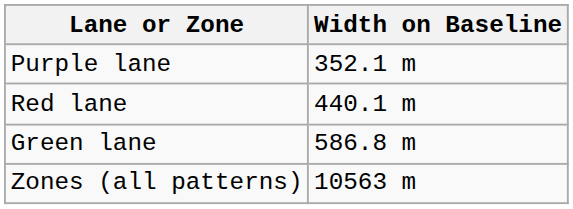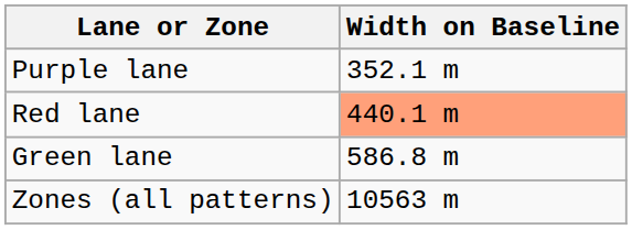 <table class="wikitable">
 <tr>
 <th>Lane or Zone</th>
 <th>Width on Baseline</th>
 </tr>
 <tr>
 <td>Purple lane</td>
 <td>352.1 m</td>
 </tr>
 <tr>
 <td>Red lane</td>
-<td>440.1 m</td>
+<td style="background: lightsalmon;">440.1 m</td>
 </tr>
 <tr>
 <td>Green lane</td>
 <td>586.8 m</td>
 </tr>
 <tr>
 <td>Zones (all patterns)</td>
 <td>10563 m</td>
 </tr>
 </table>
